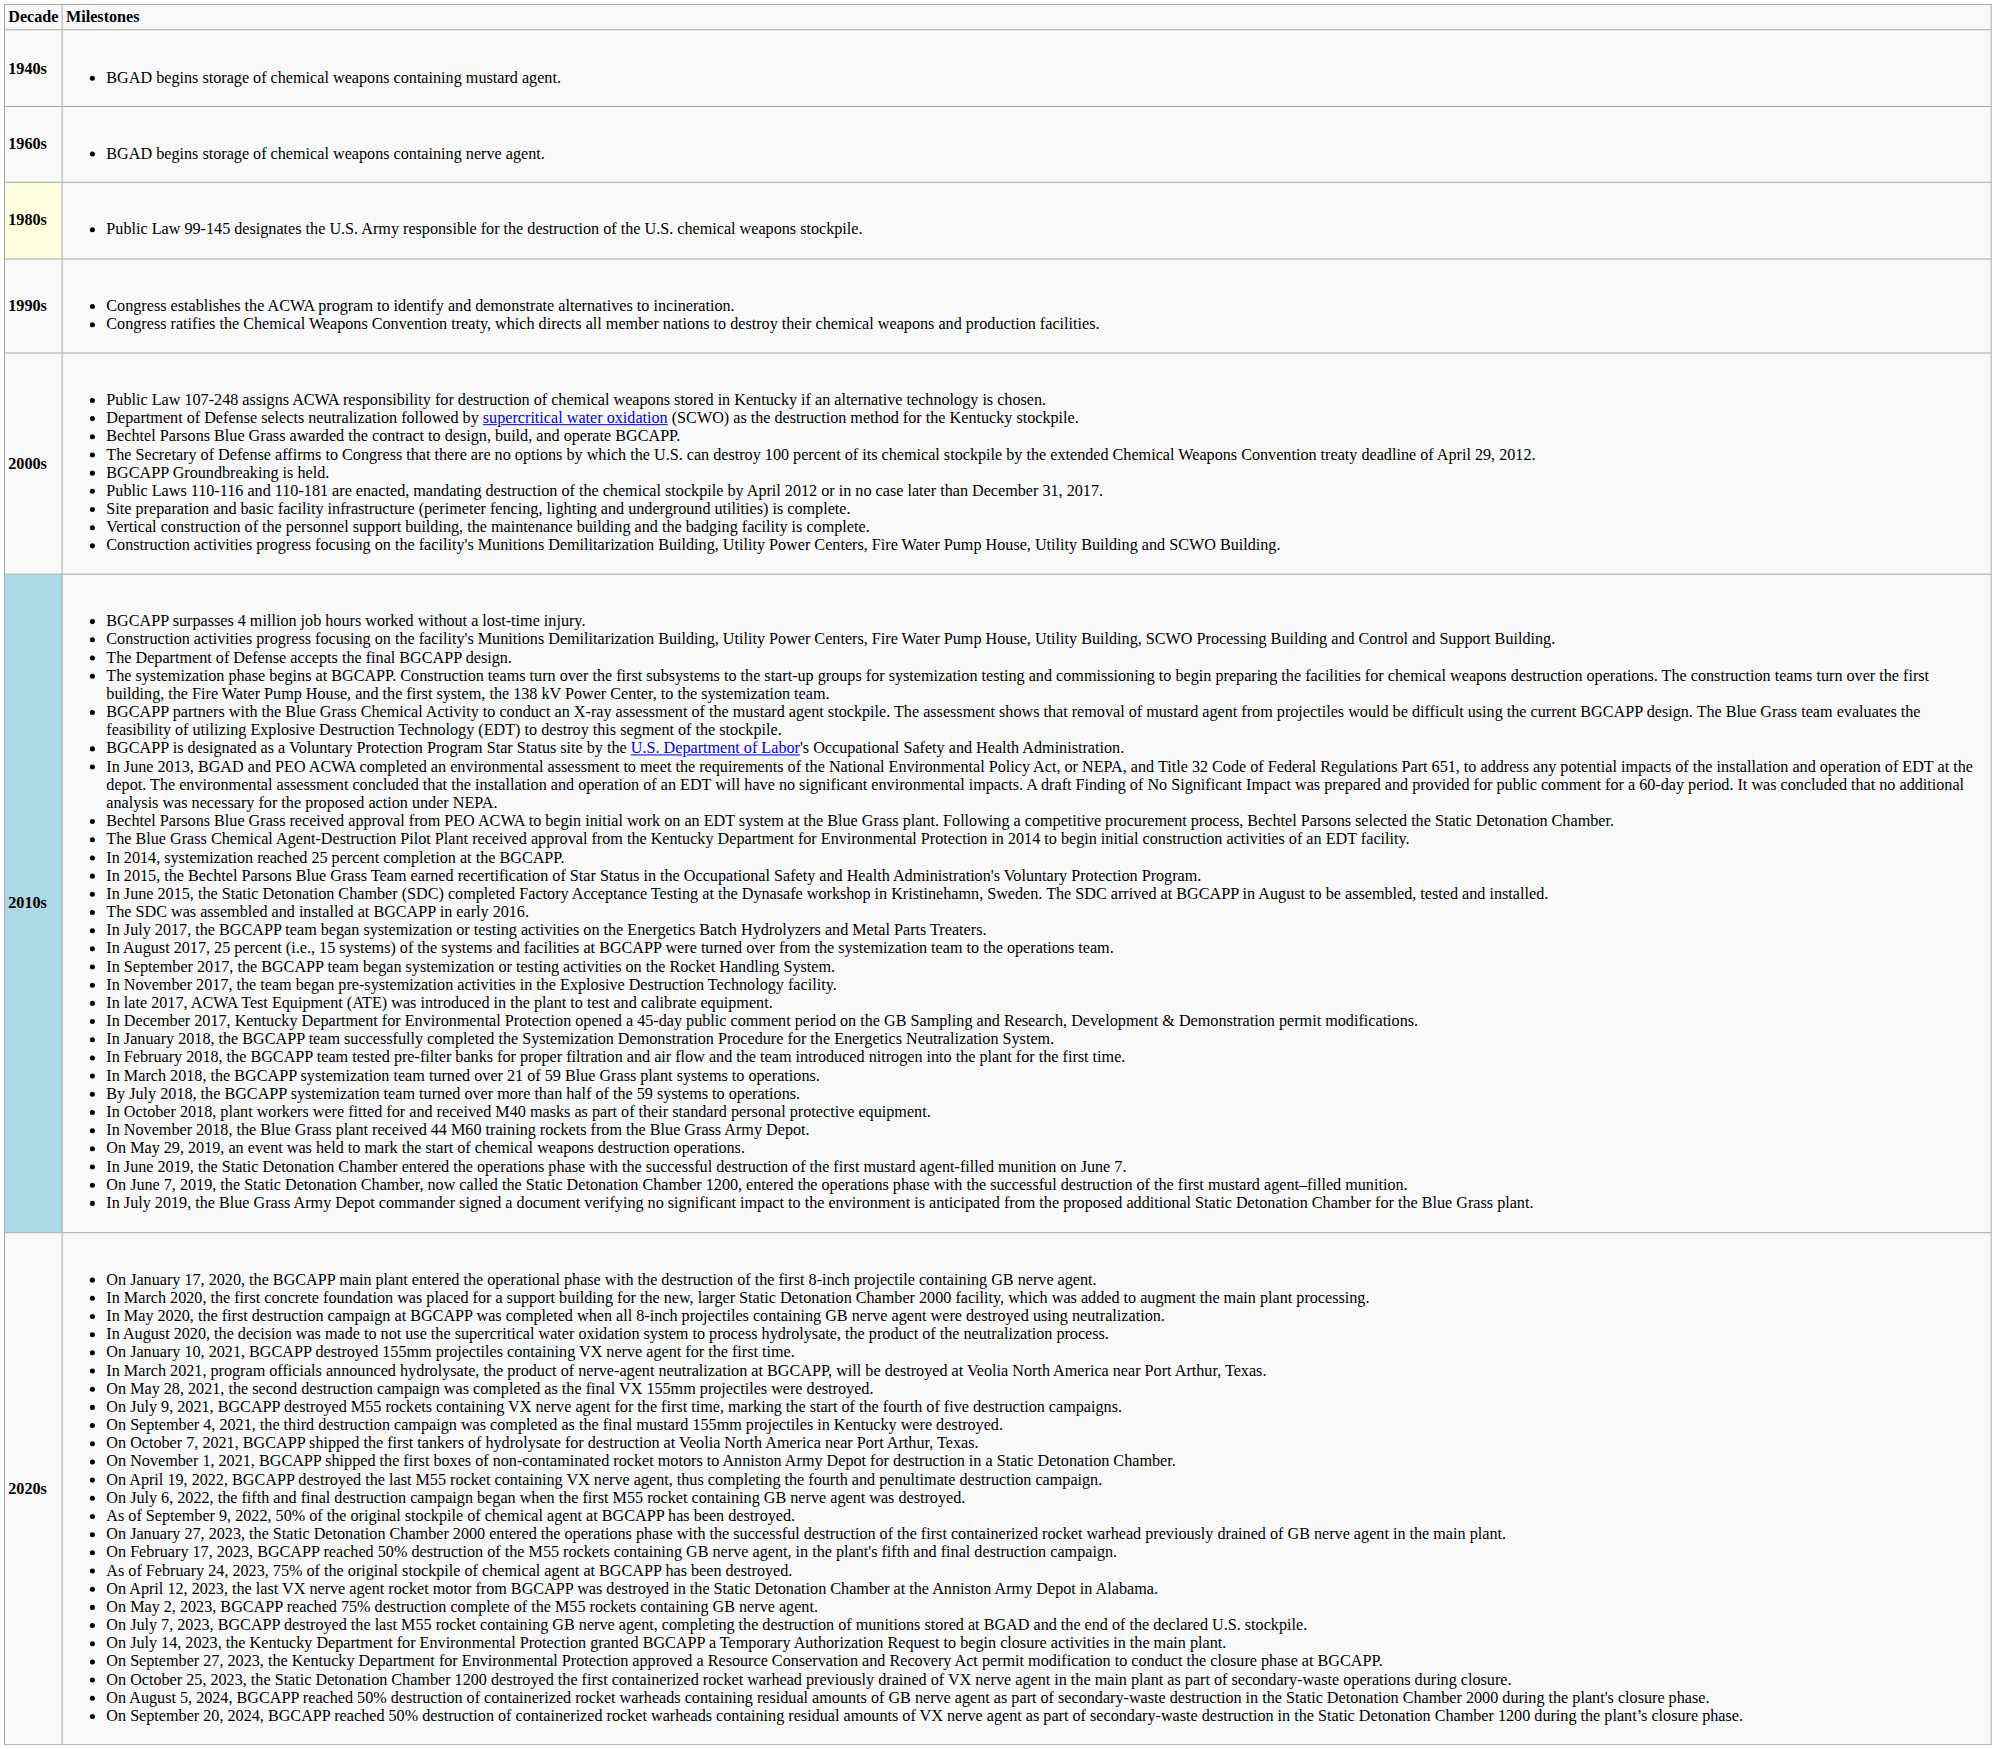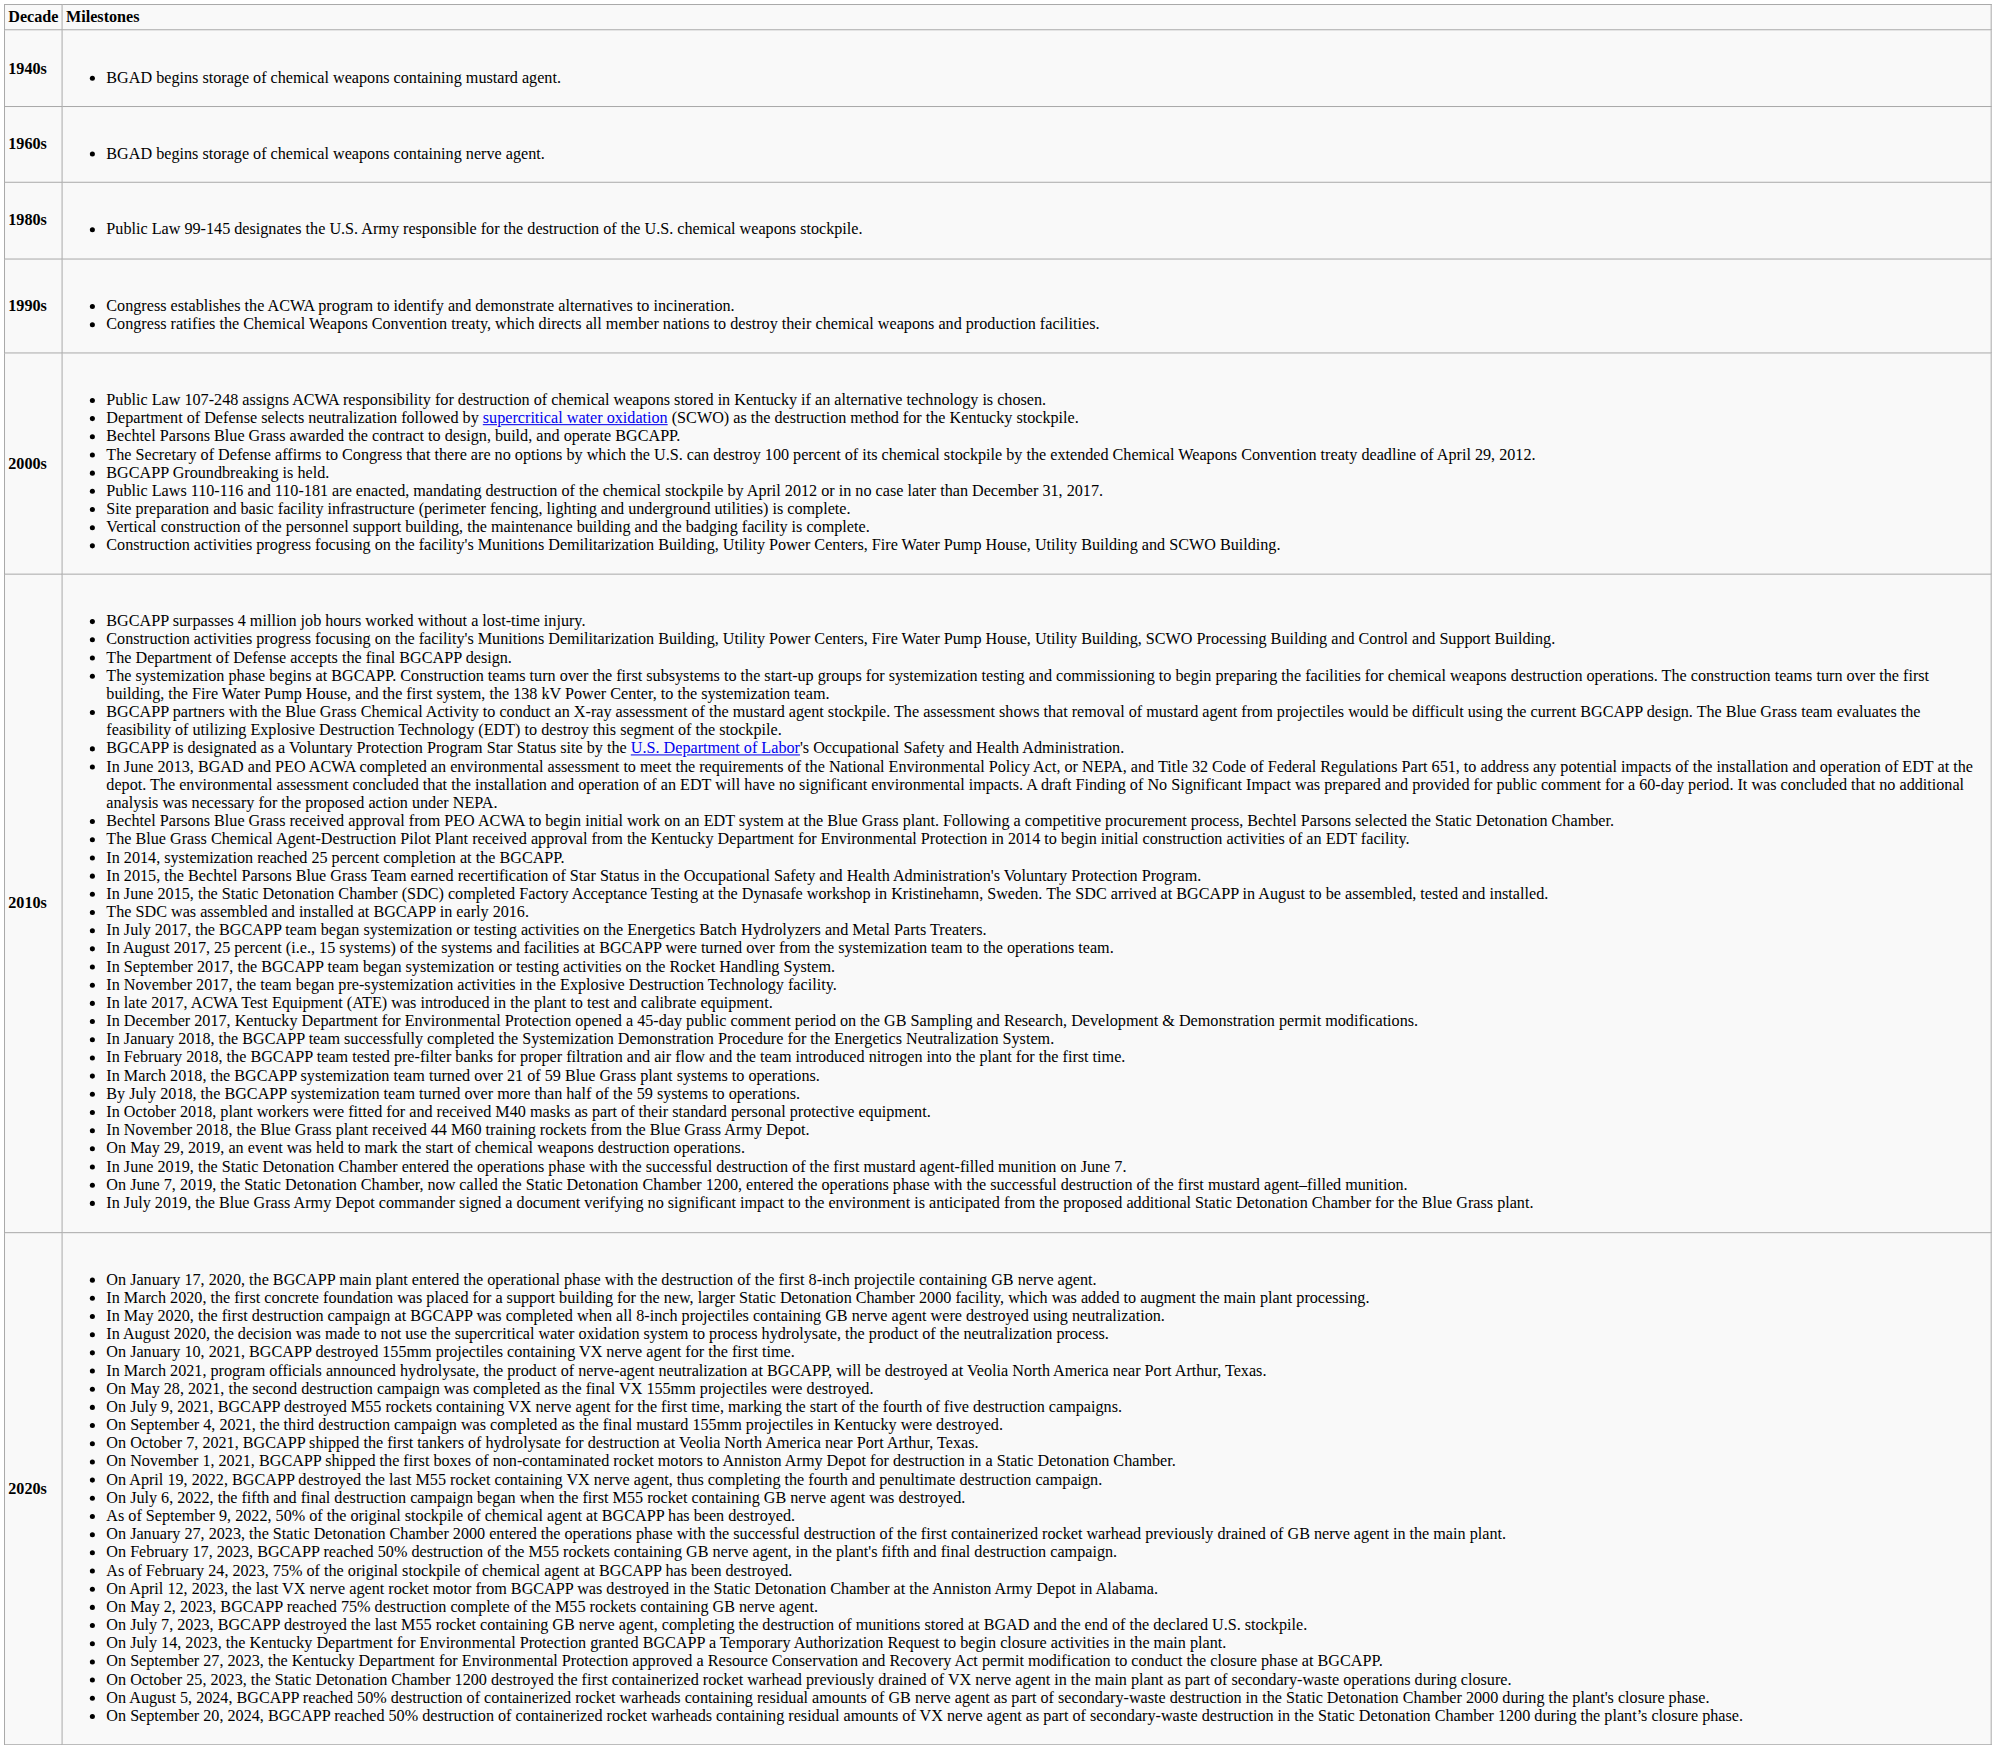 <table class= "wikitable">
 <tr>
 <td><strong>Decade</strong></td>
 <td><strong>Milestones</strong></td>
 </tr>
 <tr>
 <td><strong>1940s</strong></td>
 <td><br><ul><li>BGAD begins storage of chemical weapons containing mustard agent.</li></ul></td>
 </tr>
 <tr>
 <td><strong>1960s</strong></td>
 <td><br><ul><li>BGAD begins storage of chemical weapons containing nerve agent.</li></ul></td>
 </tr>
 <tr>
-<td style="background: lightyellow;"><strong>1980s</strong></td>
+<td><strong>1980s</strong></td>
 <td><br><ul><li>Public Law 99-145 designates the U.S. Army responsible for the destruction of the U.S. chemical weapons stockpile.</li></ul></td>
 </tr>
 <tr>
 <td><strong>1990s</strong></td>
 <td><br><ul><li>Congress establishes the ACWA program to identify and demonstrate alternatives to incineration.</li><li>Congress ratifies the Chemical Weapons Convention treaty, which directs all member nations to destroy their chemical weapons and production facilities.</li></ul></td>
 </tr>
 <tr>
 <td><strong>2000s</strong></td>
 <td><br><ul><li>Public Law 107-248 assigns ACWA responsibility for destruction of chemical weapons stored in Kentucky if an alternative technology is chosen.</li><li>Department of Defense selects neutralization followed by <a href='#'>supercritical water oxidation</a> (SCWO) as the destruction method for the Kentucky stockpile.</li><li>Bechtel Parsons Blue Grass awarded the contract to design, build, and operate BGCAPP.</li><li>The Secretary of Defense affirms to Congress that there are no options by which the U.S. can destroy 100 percent of its chemical stockpile by the extended Chemical Weapons Convention treaty deadline of April 29, 2012.</li><li>BGCAPP Groundbreaking is held.</li><li>Public Laws 110-116 and 110-181 are enacted, mandating destruction of the chemical stockpile by April 2012 or in no case later than December 31, 2017.</li><li>Site preparation and basic facility infrastructure (perimeter fencing, lighting and underground utilities) is complete.</li><li>Vertical construction of the personnel support building, the maintenance building and the badging facility is complete.</li><li>Construction activities progress focusing on the facility's Munitions Demilitarization Building, Utility Power Centers, Fire Water Pump House, Utility Building and SCWO Building.</li></ul></td>
 </tr>
 <tr>
-<td style="background: lightblue;"><strong>2010s</strong></td>
+<td><strong>2010s</strong></td>
 <td><br><ul><li>BGCAPP surpasses 4 million job hours worked without a lost-time injury.</li><li>Construction activities progress focusing on the facility's Munitions Demilitarization Building, Utility Power Centers, Fire Water Pump House, Utility Building, SCWO Processing Building and Control and Support Building.</li><li>The Department of Defense accepts the final BGCAPP design.</li><li>The systemization phase begins at BGCAPP. Construction teams turn over the first subsystems to the start-up groups for systemization testing and commissioning to begin preparing the facilities for chemical weapons destruction operations. The construction teams turn over the first building, the Fire Water Pump House, and the first system, the 138 kV Power Center, to the systemization team.</li><li>BGCAPP partners with the Blue Grass Chemical Activity to conduct an X-ray assessment of the mustard agent stockpile. The assessment shows that removal of mustard agent from projectiles would be difficult using the current BGCAPP design. The Blue Grass team evaluates the feasibility of utilizing Explosive Destruction Technology (EDT) to destroy this segment of the stockpile.</li><li>BGCAPP is designated as a Voluntary Protection Program Star Status site by the <a href='#'>U.S. Department of Labor</a>'s Occupational Safety and Health Administration.</li><li>In June 2013, BGAD and PEO ACWA completed an environmental assessment to meet the requirements of the National Environmental Policy Act, or NEPA, and Title 32 Code of Federal Regulations Part 651, to address any potential impacts of the installation and operation of EDT at the depot. The environmental assessment concluded that the installation and operation of an EDT will have no significant environmental impacts. A draft Finding of No Significant Impact was prepared and provided for public comment for a 60-day period. It was concluded that no additional analysis was necessary for the proposed action under NEPA.</li><li>Bechtel Parsons Blue Grass received approval from PEO ACWA to begin initial work on an EDT system at the Blue Grass plant. Following a competitive procurement process, Bechtel Parsons selected the Static Detonation Chamber.</li><li>The Blue Grass Chemical Agent-Destruction Pilot Plant received approval from the Kentucky Department for Environmental Protection in 2014 to begin initial construction activities of an EDT facility.</li><li>In 2014, systemization reached 25 percent completion at the BGCAPP.</li><li>In 2015, the Bechtel Parsons Blue Grass Team earned recertification of Star Status in the Occupational Safety and Health Administration's Voluntary Protection Program.</li><li>In June 2015, the Static Detonation Chamber (SDC) completed Factory Acceptance Testing at the Dynasafe workshop in Kristinehamn, Sweden. The SDC arrived at BGCAPP in August to be assembled, tested and installed.</li><li>The SDC was assembled and installed at BGCAPP in early 2016.</li><li>In July 2017, the BGCAPP team began systemization or testing activities on the Energetics Batch Hydrolyzers and Metal Parts Treaters.</li><li>In August 2017, 25 percent (i.e., 15 systems) of the systems and facilities at BGCAPP were turned over from the systemization team to the operations team.</li><li>In September 2017, the BGCAPP team began systemization or testing activities on the Rocket Handling System.</li><li>In November 2017, the team began pre-systemization activities in the Explosive Destruction Technology facility.</li><li>In late 2017, ACWA Test Equipment (ATE) was introduced in the plant to test and calibrate equipment.</li><li>In December 2017, Kentucky Department for Environmental Protection opened a 45-day public comment period on the GB Sampling and Research, Development & Demonstration permit modifications.</li><li>In January 2018, the BGCAPP team successfully completed the Systemization Demonstration Procedure for the Energetics Neutralization System.</li><li>In February 2018, the BGCAPP team tested pre-filter banks for proper filtration and air flow and the team introduced nitrogen into the plant for the first time.</li><li>In March 2018, the BGCAPP systemization team turned over 21 of 59 Blue Grass plant systems to operations.</li><li>By July 2018, the BGCAPP systemization team turned over more than half of the 59 systems to operations.</li><li>In October 2018, plant workers were fitted for and received M40 masks as part of their standard personal protective equipment.</li><li>In November 2018, the Blue Grass plant received 44 M60 training rockets from the Blue Grass Army Depot.</li><li>On May 29, 2019, an event was held to mark the start of chemical weapons destruction operations.</li><li>In June 2019, the Static Detonation Chamber entered the operations phase with the successful destruction of the first mustard agent-filled munition on June 7.</li><li>On June 7, 2019, the Static Detonation Chamber, now called the Static Detonation Chamber 1200, entered the operations phase with the successful destruction of the first mustard agent–filled munition.</li><li>In July 2019, the Blue Grass Army Depot commander signed a document verifying no significant impact to the environment is anticipated from the proposed additional Static Detonation Chamber for the Blue Grass plant.</li></ul></td>
 </tr>
 <tr>
 <td><strong>2020s</strong></td>
 <td><br><ul><li>On January 17, 2020, the BGCAPP main plant entered the operational phase with the destruction of the first 8-inch projectile containing GB nerve agent.</li><li>In March 2020, the first concrete foundation was placed for a support building for the new, larger Static Detonation Chamber 2000 facility, which was added to augment the main plant processing.</li><li>In May 2020, the first destruction campaign at BGCAPP was completed when all 8-inch projectiles containing GB nerve agent were destroyed using neutralization.</li><li>In August 2020, the decision was made to not use the supercritical water oxidation system to process hydrolysate, the product of the neutralization process.</li><li>On January 10, 2021, BGCAPP destroyed 155mm projectiles containing VX nerve agent for the first time.</li><li>In March 2021, program officials announced hydrolysate, the product of nerve-agent neutralization at BGCAPP, will be destroyed at Veolia North America near Port Arthur, Texas.</li><li>On May 28, 2021, the second destruction campaign was completed as the final VX 155mm projectiles were destroyed.</li><li>On July 9, 2021, BGCAPP destroyed M55 rockets containing VX nerve agent for the first time, marking the start of the fourth of five destruction campaigns.</li><li>On September 4, 2021, the third destruction campaign was completed as the final mustard 155mm projectiles in Kentucky were destroyed.</li><li>On October 7, 2021, BGCAPP shipped the first tankers of hydrolysate for destruction at Veolia North America near Port Arthur, Texas.</li><li>On November 1, 2021, BGCAPP shipped the first boxes of non-contaminated rocket motors to Anniston Army Depot for destruction in a Static Detonation Chamber.</li><li>On April 19, 2022, BGCAPP destroyed the last M55 rocket containing VX nerve agent, thus completing the fourth and penultimate destruction campaign.</li><li>On July 6, 2022, the fifth and final destruction campaign began when the first M55 rocket containing GB nerve agent was destroyed.</li><li>As of September 9, 2022, 50% of the original stockpile of chemical agent at BGCAPP has been destroyed.</li><li>On January 27, 2023, the Static Detonation Chamber 2000 entered the operations phase with the successful destruction of the first containerized rocket warhead previously drained of GB nerve agent in the main plant.</li><li>On February 17, 2023, BGCAPP reached 50% destruction of the M55 rockets containing GB nerve agent, in the plant's fifth and final destruction campaign.</li><li>As of February 24, 2023, 75% of the original stockpile of chemical agent at BGCAPP has been destroyed.</li><li>On April 12, 2023, the last VX nerve agent rocket motor from BGCAPP was destroyed in the Static Detonation Chamber at the Anniston Army Depot in Alabama.</li><li>On May 2, 2023, BGCAPP reached 75% destruction complete of the M55 rockets containing GB nerve agent.</li><li>On July 7, 2023, BGCAPP destroyed the last M55 rocket containing GB nerve agent, completing the destruction of munitions stored at BGAD and the end of the declared U.S. stockpile.</li><li>On July 14, 2023, the Kentucky Department for Environmental Protection granted BGCAPP a Temporary Authorization Request to begin closure activities in the main plant.</li><li>On September 27, 2023, the Kentucky Department for Environmental Protection approved a Resource Conservation and Recovery Act permit modification to conduct the closure phase at BGCAPP.</li><li>On October 25, 2023, the Static Detonation Chamber 1200 destroyed the first containerized rocket warhead previously drained of VX nerve agent in the main plant as part of secondary-waste operations during closure.</li><li>On August 5, 2024, BGCAPP reached 50% destruction of containerized rocket warheads containing residual amounts of GB nerve agent as part of secondary-waste destruction in the Static Detonation Chamber 2000 during the plant's closure phase.</li><li>On September 20, 2024, BGCAPP reached 50% destruction of containerized rocket warheads containing residual amounts of VX nerve agent as part of secondary-waste destruction in the Static Detonation Chamber 1200 during the plant’s closure phase.</li></ul></td>
 </tr>
 </table>
